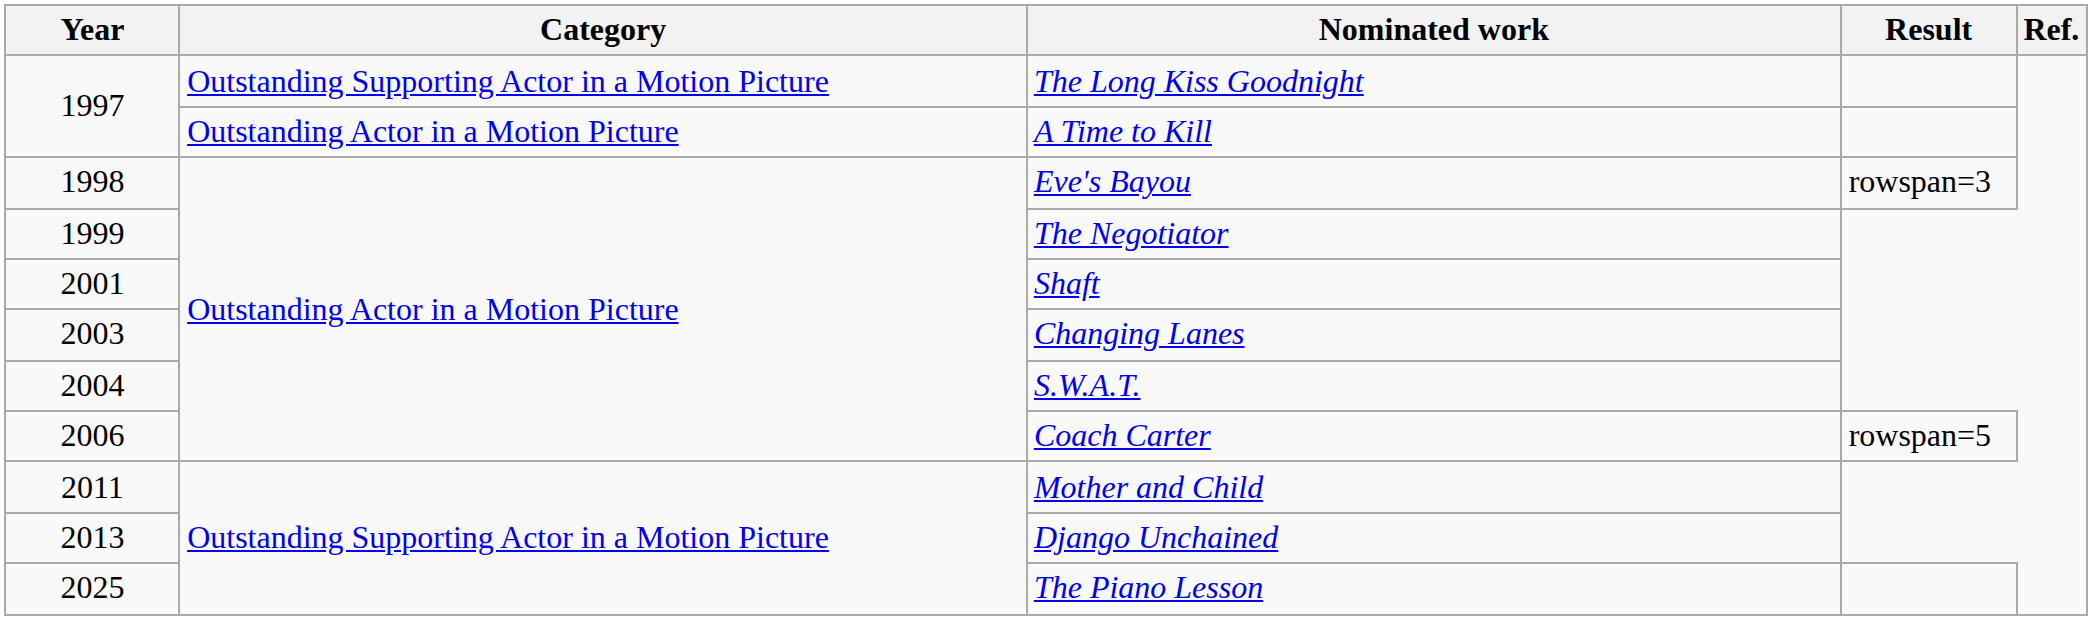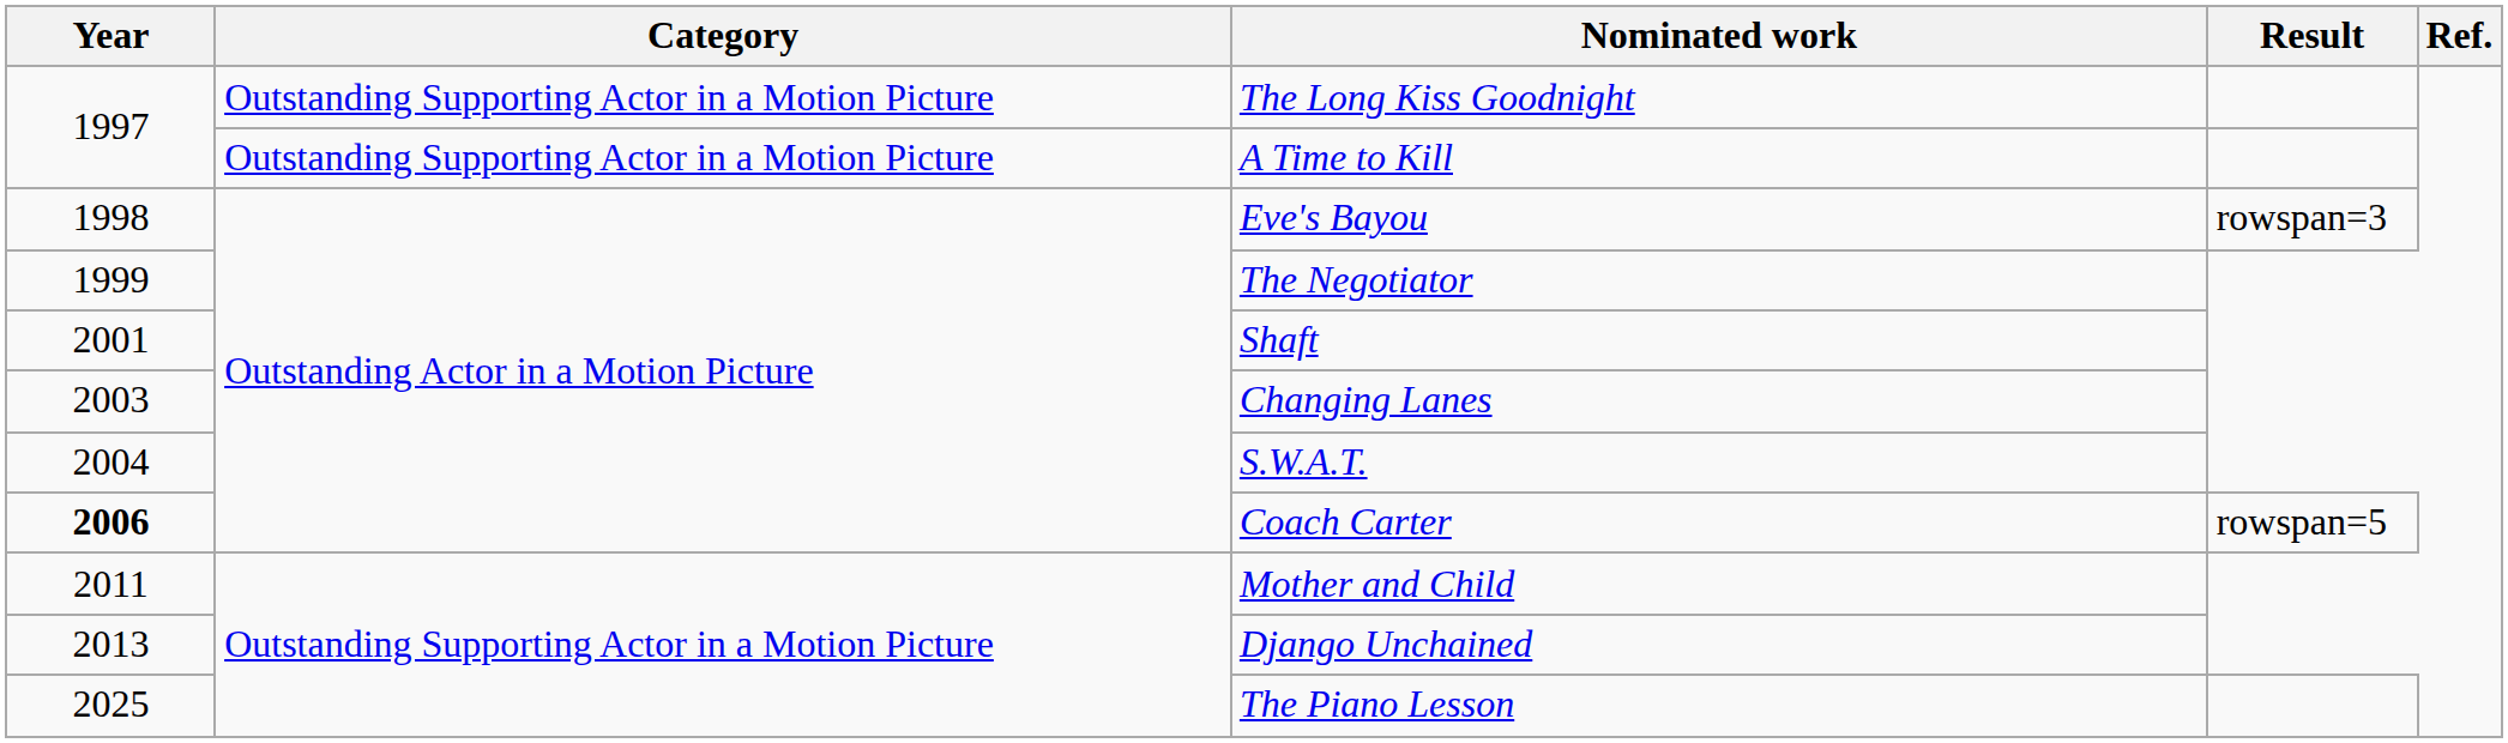 <table class=wikitable>
 <tr>
 <th scope="col" style="width:5em;">Year</th>
 <th scope="col" style="width:26em;">Category</th>
 <th scope="col" style="width:25em;">Nominated work</th>
 <th scope="col" style="width:5em;">Result</th>
 <th>Ref.</th>
 </tr>
 <tr>
 <td style="text-align:center;", rowspan="2">1997</td>
 <td><a href='#'>Outstanding Supporting Actor in a Motion Picture</a></td>
 <td><em><a href='#'>The Long Kiss Goodnight</a></em></td>
 <td></td>
 </tr>
 <tr>
-<td><a href='#'>Outstanding Actor in a Motion Picture</a></td>
+<td><a href='#'>Outstanding Supporting Actor in a Motion Picture</a></td>
 <td><em><a href='#'>A Time to Kill</a></em></td>
 <td></td>
 </tr>
 <tr>
 <td style="text-align:center;">1998</td>
 <td rowspan="6"><a href='#'>Outstanding Actor in a Motion Picture</a></td>
 <td><em><a href='#'>Eve's Bayou</a></em></td>
 <td>rowspan=3 </td>
 </tr>
 <tr>
 <td style="text-align:center;">1999</td>
 <td><em><a href='#'>The Negotiator</a></em></td>
 </tr>
 <tr>
 <td style="text-align:center;">2001</td>
 <td><em><a href='#'>Shaft</a></em></td>
 </tr>
 <tr>
 <td style="text-align:center;">2003</td>
 <td><em><a href='#'>Changing Lanes</a></em></td>
 </tr>
 <tr>
 <td style="text-align:center;">2004</td>
 <td><em><a href='#'>S.W.A.T.</a></em></td>
 </tr>
 <tr>
-<td style="text-align:center;">2006</td>
+<td style="text-align:center;"><strong>2006</strong></td>
 <td><em><a href='#'>Coach Carter</a></em></td>
 <td>rowspan=5 </td>
 </tr>
 <tr>
 <td style="text-align:center;">2011</td>
 <td rowspan="3"><a href='#'>Outstanding Supporting Actor in a Motion Picture</a></td>
 <td><em><a href='#'>Mother and Child</a></em></td>
 </tr>
 <tr>
 <td style="text-align:center;">2013</td>
 <td><em><a href='#'>Django Unchained</a></em></td>
 </tr>
 <tr>
 <td style="text-align:center;">2025</td>
 <td><em><a href='#'>The Piano Lesson</a></em></td>
 <td></td>
 </tr>
 <tr>
 </tr>
 </table>
